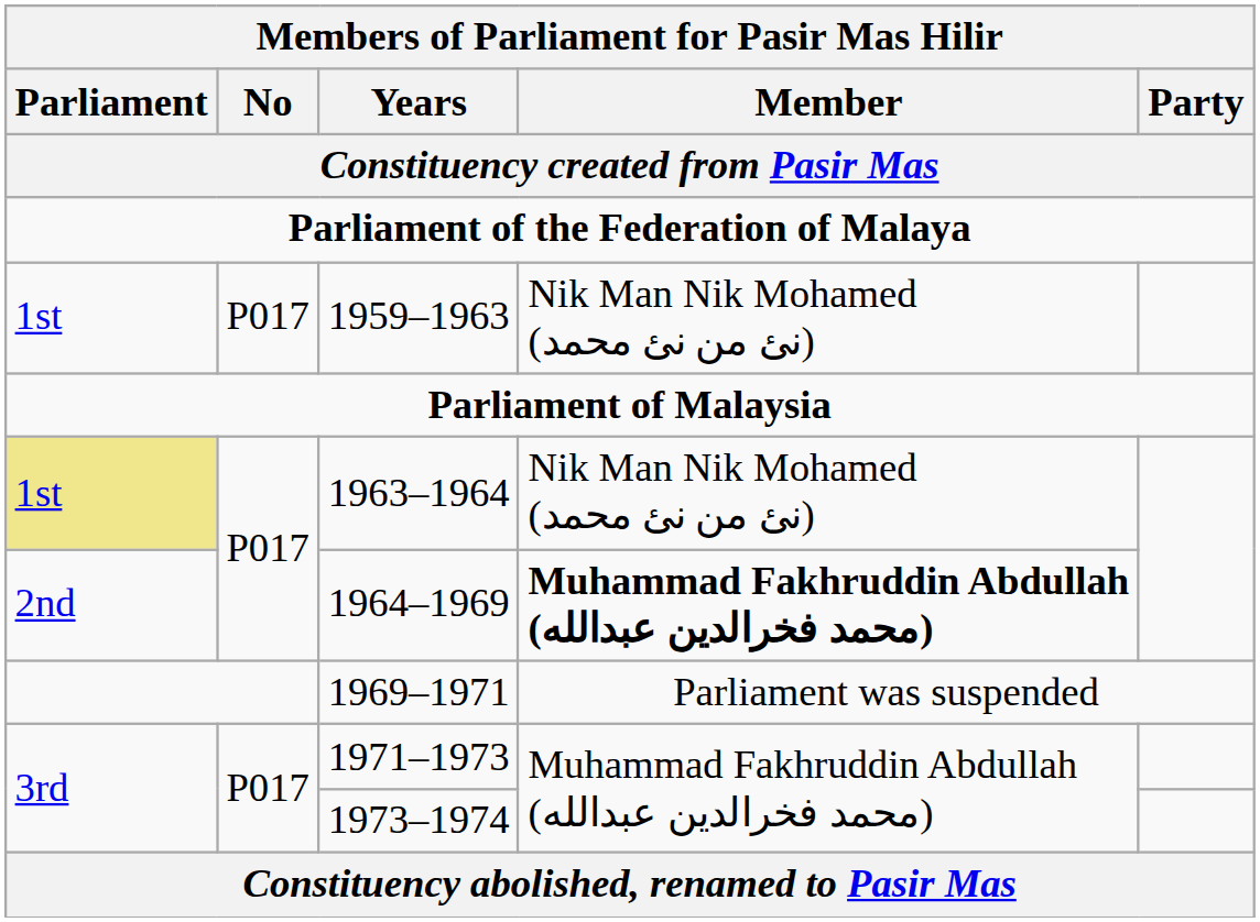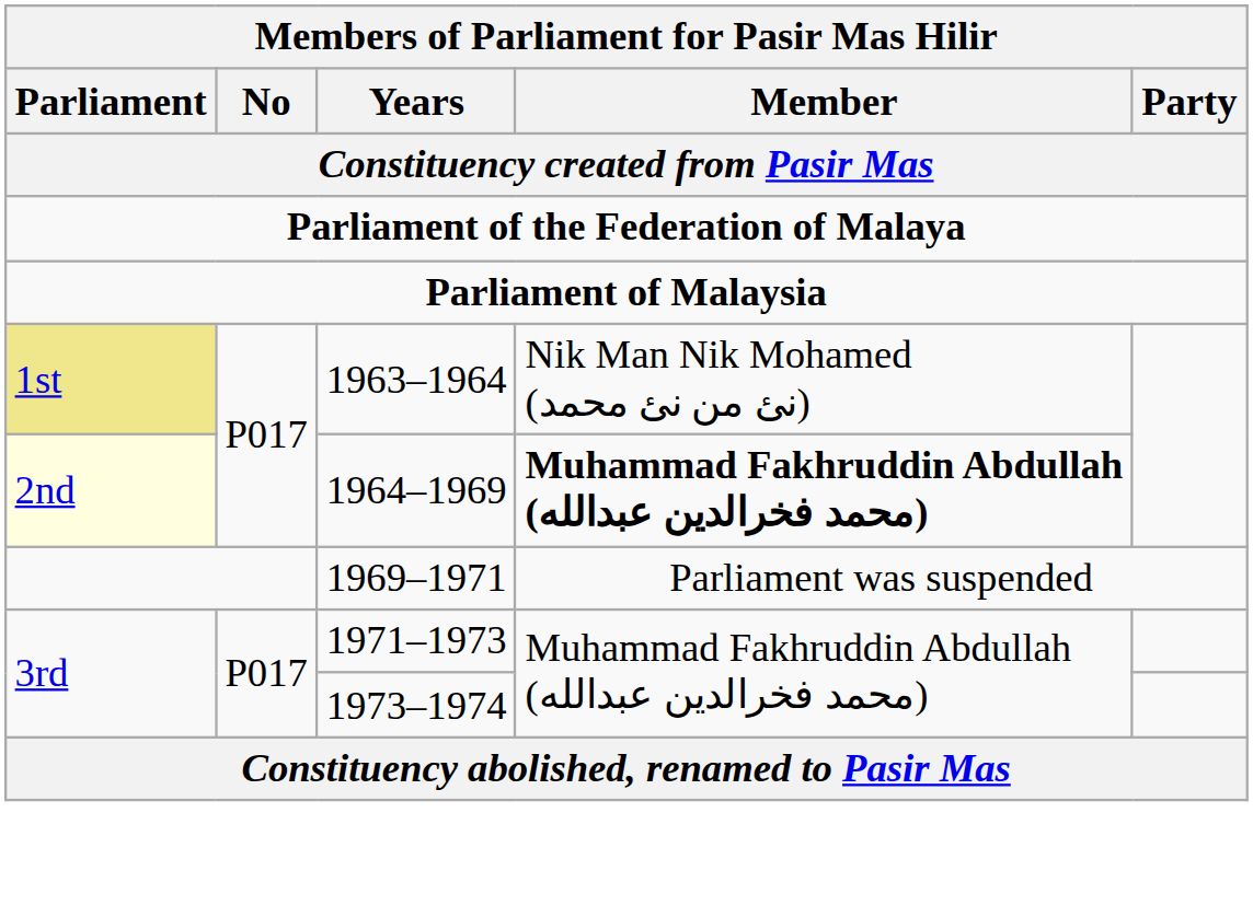 <table class=wikitable>
 <tr>
 <th colspan="5">Members of Parliament for Pasir Mas Hilir</th>
 </tr>
 <tr>
 <th>Parliament</th>
 <th>No</th>
 <th>Years</th>
 <th>Member</th>
 <th>Party</th>
 </tr>
 <tr>
 <th colspan="5" align="center"><em>Constituency created from <a href='#'>Pasir Mas</a></em></th>
 </tr>
 <tr>
 <td colspan="5" align="center"><strong>Parliament of the Federation of Malaya</strong></td>
 </tr>
 <tr>
-<td><a href='#'>1st</a></td>
-<td>P017</td>
-<td>1959–1963</td>
-<td>Nik Man Nik Mohamed  <br> (نئ من نئ محمد)</td>
-<td></td>
-</tr>
-<tr>
 <td colspan="5" align="center"><strong>Parliament of Malaysia</strong></td>
 </tr>
 <tr>
 <td style="background: khaki;"><a href='#'>1st</a></td>
 <td rowspan="2">P017</td>
 <td>1963–1964</td>
 <td>Nik Man Nik Mohamed  <br> (نئ من نئ محمد)</td>
 <td rowspan=2></td>
 </tr>
 <tr>
-<td><a href='#'>2nd</a></td>
+<td style="background: lightyellow;"><a href='#'>2nd</a></td>
 <td>1964–1969</td>
 <td><strong>Muhammad Fakhruddin Abdullah  <br> (محمد فخرالدين عبدالله)</strong></td>
 </tr>
 <tr>
 <td colspan="2"></td>
 <td>1969–1971</td>
 <td colspan="2" align="center">Parliament was suspended</td>
 </tr>
 <tr>
 <td rowspan=2><a href='#'>3rd</a></td>
 <td rowspan="2">P017</td>
 <td>1971–1973</td>
 <td rowspan="2">Muhammad Fakhruddin Abdullah  <br> (محمد فخرالدين عبدالله)</td>
 <td></td>
 </tr>
 <tr>
 <td>1973–1974</td>
 <td></td>
 </tr>
 <tr>
 <th colspan="5" align="center"><em>Constituency abolished, renamed to <a href='#'>Pasir Mas</a></em></th>
 </tr>
 </table>
